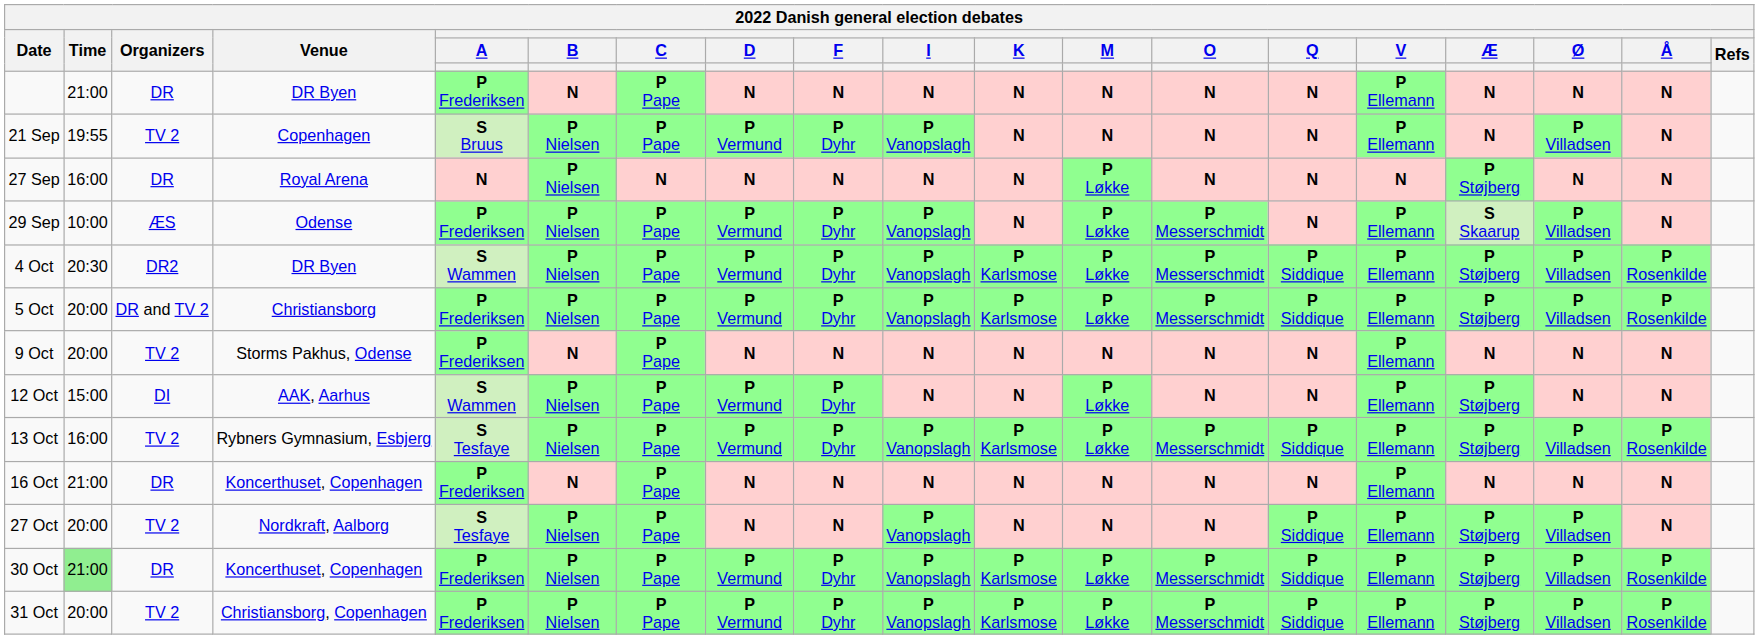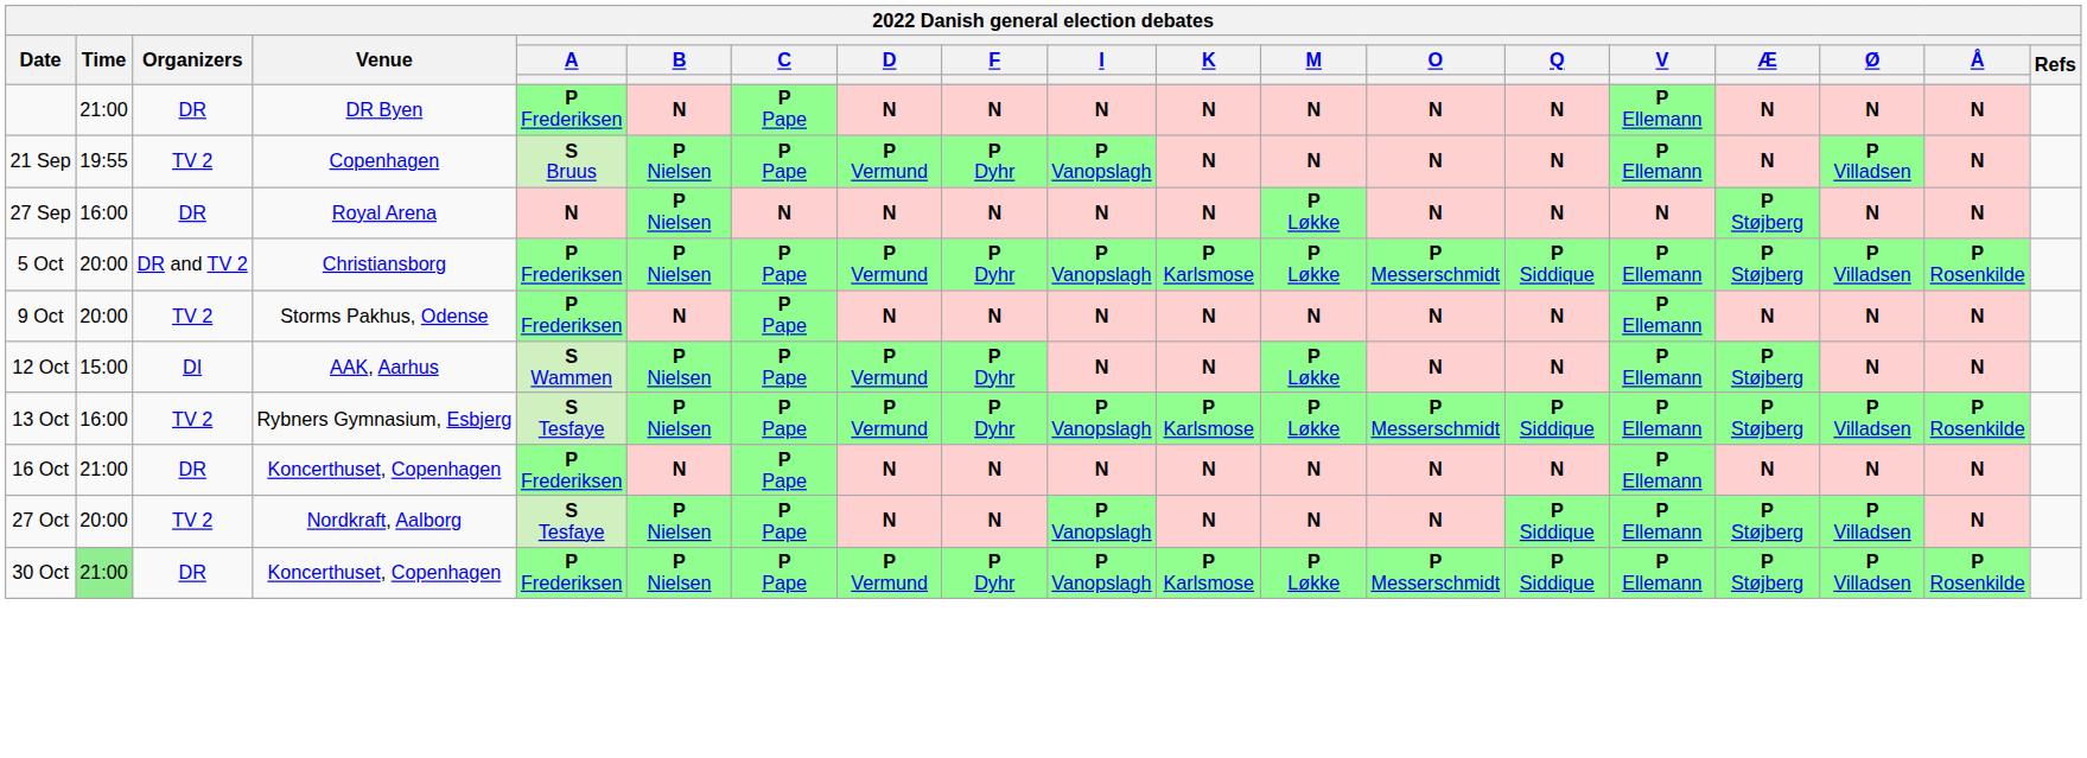 <table class="wikitable" style="font-size:85%; line-height:15px; text-align:center;">
 <tr>
 <th colspan="19">2022 Danish general election debates</th>
 </tr>
 <tr>
 <th rowspan="3">Date</th>
 <th rowspan="3">Time</th>
 <th rowspan="3">Organizers</th>
 <th rowspan="3">Venue</th>
 <th colspan="15">        </th>
 </tr>
 <tr>
 <th scope="col" style="width:5em;"><a href='#'>A</a></th>
 <th scope="col" style="width:5em;"><a href='#'>B</a></th>
 <th scope="col" style="width:5em;"><a href='#'>C</a></th>
 <th scope="col" style="width:5em;"><a href='#'>D</a></th>
 <th scope="col" style="width:5em;"><a href='#'>F</a></th>
 <th scope="col" style="width:5em;"><a href='#'>I</a></th>
 <th scope="col" style="width:5em;"><a href='#'>K</a></th>
 <th scope="col" style="width:5em;"><a href='#'>M</a></th>
 <th scope="col" style="width:5em;"><a href='#'>O</a></th>
 <th scope="col" style="width:5em;"><a href='#'>Q</a></th>
 <th scope="col" style="width:5em;"><a href='#'>V</a></th>
 <th scope="col" style="width:5em;"><a href='#'>Æ</a></th>
 <th scope="col" style="width:5em;"><a href='#'>Ø</a></th>
 <th scope="col" style="width:5em;"><a href='#'>Å</a></th>
 <th rowspan="2">Refs</th>
 </tr>
 <tr>
 <th style="background:"></th>
 <th style="background:"></th>
 <th style="background:"></th>
 <th style="background:"></th>
 <th style="background:"></th>
 <th style="background:"></th>
 <th style="background:"></th>
 <th style="background:"></th>
 <th style="background:"></th>
 <th style="background:"></th>
 <th style="background:"></th>
 <th style="background:"></th>
 <th style="background:"></th>
 <th style="background:"></th>
 </tr>
 <tr>
 <td></td>
 <td>21:00</td>
 <td><a href='#'>DR</a></td>
 <td><a href='#'>DR Byen</a></td>
 <td style="background:#90FF90"><strong>P</strong><br><a href='#'>Frederiksen</a></td>
 <td style="background:#FFD0D0"><strong>N</strong></td>
 <td style="background:#90FF90"><strong>P</strong><br><a href='#'>Pape</a></td>
 <td style="background:#FFD0D0"><strong>N</strong></td>
 <td style="background:#FFD0D0"><strong>N</strong></td>
 <td style="background:#FFD0D0"><strong>N</strong></td>
 <td style="background:#FFD0D0"><strong>N</strong></td>
 <td style="background:#FFD0D0"><strong>N</strong></td>
 <td style="background:#FFD0D0"><strong>N</strong></td>
 <td style="background:#FFD0D0"><strong>N</strong></td>
 <td style="background:#90FF90"><strong>P</strong><br><a href='#'>Ellemann</a></td>
 <td style="background:#FFD0D0"><strong>N</strong></td>
 <td style="background:#FFD0D0"><strong>N</strong></td>
 <td style="background:#FFD0D0"><strong>N</strong></td>
 <td></td>
 </tr>
 <tr>
 <td>21 Sep</td>
 <td>19:55</td>
 <td><a href='#'>TV 2</a></td>
 <td><a href='#'>Copenhagen</a></td>
 <td style="background:#D0F0C0"><strong>S</strong><br><a href='#'>Bruus</a></td>
 <td style="background:#90FF90"><strong>P</strong><br><a href='#'>Nielsen</a></td>
 <td style="background:#90FF90"><strong>P</strong><br><a href='#'>Pape</a></td>
 <td style="background:#90FF90"><strong>P</strong><br><a href='#'>Vermund</a></td>
 <td style="background:#90FF90"><strong>P</strong><br><a href='#'>Dyhr</a></td>
 <td style="background:#90FF90"><strong>P</strong><br><a href='#'>Vanopslagh</a></td>
 <td style="background:#FFD0D0"><strong>N</strong></td>
 <td style="background:#FFD0D0"><strong>N</strong></td>
 <td style="background:#FFD0D0"><strong>N</strong></td>
 <td style="background:#FFD0D0"><strong>N</strong></td>
 <td style="background:#90FF90"><strong>P</strong><br><a href='#'>Ellemann</a></td>
 <td style="background:#FFD0D0"><strong>N</strong></td>
 <td style="background:#90FF90"><strong>P</strong><br><a href='#'>Villadsen</a></td>
 <td style="background:#FFD0D0"><strong>N</strong></td>
 <td></td>
 </tr>
 <tr>
 <td>27 Sep</td>
 <td>16:00</td>
 <td><a href='#'>DR</a></td>
 <td><a href='#'>Royal Arena</a></td>
 <td style="background:#FFD0D0"><strong>N</strong></td>
 <td style="background:#90FF90"><strong>P</strong><br><a href='#'>Nielsen</a></td>
 <td style="background:#FFD0D0"><strong>N</strong></td>
 <td style="background:#FFD0D0"><strong>N</strong></td>
 <td style="background:#FFD0D0"><strong>N</strong></td>
 <td style="background:#FFD0D0"><strong>N</strong></td>
 <td style="background:#FFD0D0"><strong>N</strong></td>
 <td style="background:#90FF90"><strong>P</strong><br><a href='#'>Løkke</a></td>
 <td style="background:#FFD0D0"><strong>N</strong></td>
 <td style="background:#FFD0D0"><strong>N</strong></td>
 <td style="background:#FFD0D0"><strong>N</strong></td>
 <td style="background:#90FF90"><strong>P</strong><br><a href='#'>Støjberg</a></td>
 <td style="background:#FFD0D0"><strong>N</strong></td>
 <td style="background:#FFD0D0"><strong>N</strong></td>
-<td></td>
-</tr>
-<tr>
-<td>29 Sep</td>
-<td>10:00</td>
-<td><a href='#'>ÆS</a></td>
-<td><a href='#'>Odense</a></td>
-<td style="background:#90FF90"><strong>P</strong><br><a href='#'>Frederiksen</a></td>
-<td style="background:#90FF90"><strong>P</strong><br><a href='#'>Nielsen</a></td>
-<td style="background:#90FF90"><strong>P</strong><br><a href='#'>Pape</a></td>
-<td style="background:#90FF90"><strong>P</strong><br><a href='#'>Vermund</a></td>
-<td style="background:#90FF90"><strong>P</strong><br><a href='#'>Dyhr</a></td>
-<td style="background:#90FF90"><strong>P</strong><br><a href='#'>Vanopslagh</a></td>
-<td style="background:#FFD0D0"><strong>N</strong></td>
-<td style="background:#90FF90"><strong>P</strong><br><a href='#'>Løkke</a></td>
-<td style="background:#90FF90"><strong>P</strong><br><a href='#'>Messerschmidt</a></td>
-<td style="background:#FFD0D0"><strong>N</strong></td>
-<td style="background:#90FF90"><strong>P</strong><br><a href='#'>Ellemann</a></td>
-<td style="background:#D0F0C0"><strong>S</strong><br><a href='#'>Skaarup</a></td>
-<td style="background:#90FF90"><strong>P</strong><br><a href='#'>Villadsen</a></td>
-<td style="background:#FFD0D0"><strong>N</strong><br></td>
-<td></td>
-</tr>
-<tr>
-<td>4 Oct</td>
-<td>20:30</td>
-<td><a href='#'>DR2</a></td>
-<td><a href='#'>DR Byen</a></td>
-<td style="background:#D0F0C0"><strong>S</strong><br><a href='#'>Wammen</a></td>
-<td style="background:#90FF90"><strong>P</strong><br><a href='#'>Nielsen</a></td>
-<td style="background:#90FF90"><strong>P</strong><br><a href='#'>Pape</a></td>
-<td style="background:#90FF90"><strong>P</strong><br><a href='#'>Vermund</a></td>
-<td style="background:#90FF90"><strong>P</strong><br><a href='#'>Dyhr</a></td>
-<td style="background:#90FF90"><strong>P</strong><br><a href='#'>Vanopslagh</a></td>
-<td style="background:#90FF90"><strong>P</strong><br><a href='#'>Karlsmose</a></td>
-<td style="background:#90FF90"><strong>P</strong><br><a href='#'>Løkke</a></td>
-<td style="background:#90FF90"><strong>P</strong><br><a href='#'>Messerschmidt</a></td>
-<td style="background:#90FF90"><strong>P</strong><br><a href='#'>Siddique</a></td>
-<td style="background:#90FF90"><strong>P</strong><br><a href='#'>Ellemann</a></td>
-<td style="background:#90FF90"><strong>P</strong><br><a href='#'>Støjberg</a></td>
-<td style="background:#90FF90"><strong>P</strong><br><a href='#'>Villadsen</a></td>
-<td style="background:#90FF90"><strong>P</strong><br><a href='#'>Rosenkilde</a></td>
 <td></td>
 </tr>
 <tr>
 <td>5 Oct</td>
 <td>20:00</td>
 <td><a href='#'>DR</a> and <a href='#'>TV 2</a></td>
 <td><a href='#'>Christiansborg</a></td>
 <td style="background:#90FF90"><strong>P</strong><br><a href='#'>Frederiksen</a></td>
 <td style="background:#90FF90"><strong>P</strong><br><a href='#'>Nielsen</a></td>
 <td style="background:#90FF90"><strong>P</strong><br><a href='#'>Pape</a></td>
 <td style="background:#90FF90"><strong>P</strong><br><a href='#'>Vermund</a></td>
 <td style="background:#90FF90"><strong>P</strong><br><a href='#'>Dyhr</a></td>
 <td style="background:#90FF90"><strong>P</strong><br><a href='#'>Vanopslagh</a></td>
 <td style="background:#90FF90"><strong>P</strong><br><a href='#'>Karlsmose</a></td>
 <td style="background:#90FF90"><strong>P</strong><br><a href='#'>Løkke</a></td>
 <td style="background:#90FF90"><strong>P</strong><br><a href='#'>Messerschmidt</a></td>
 <td style="background:#90FF90"><strong>P</strong><br><a href='#'>Siddique</a></td>
 <td style="background:#90FF90"><strong>P</strong><br><a href='#'>Ellemann</a></td>
 <td style="background:#90FF90"><strong>P</strong><br><a href='#'>Støjberg</a></td>
 <td style="background:#90FF90"><strong>P</strong><br><a href='#'>Villadsen</a></td>
 <td style="background:#90FF90"><strong>P</strong><br><a href='#'>Rosenkilde</a></td>
 <td></td>
 </tr>
 <tr>
 <td>9 Oct</td>
 <td>20:00</td>
 <td><a href='#'>TV 2</a></td>
 <td>Storms Pakhus, <a href='#'>Odense</a></td>
 <td style="background:#90FF90"><strong>P</strong><br><a href='#'>Frederiksen</a></td>
 <td style="background:#FFD0D0"><strong>N</strong></td>
 <td style="background:#90FF90"><strong>P</strong><br><a href='#'>Pape</a></td>
 <td style="background:#FFD0D0"><strong>N</strong></td>
 <td style="background:#FFD0D0"><strong>N</strong></td>
 <td style="background:#FFD0D0"><strong>N</strong></td>
 <td style="background:#FFD0D0"><strong>N</strong></td>
 <td style="background:#FFD0D0"><strong>N</strong></td>
 <td style="background:#FFD0D0"><strong>N</strong></td>
 <td style="background:#FFD0D0"><strong>N</strong></td>
 <td style="background:#90FF90"><strong>P</strong><br><a href='#'>Ellemann</a></td>
 <td style="background:#FFD0D0"><strong>N</strong></td>
 <td style="background:#FFD0D0"><strong>N</strong></td>
 <td style="background:#FFD0D0"><strong>N</strong></td>
 <td></td>
 </tr>
 <tr>
 <td>12 Oct</td>
 <td>15:00</td>
 <td><a href='#'>DI</a></td>
 <td><a href='#'>AAK</a>, <a href='#'>Aarhus</a></td>
 <td style="background:#D0F0C0"><strong>S</strong><br><a href='#'>Wammen</a></td>
 <td style="background:#90FF90"><strong>P</strong><br><a href='#'>Nielsen</a></td>
 <td style="background:#90FF90"><strong>P</strong><br><a href='#'>Pape</a></td>
 <td style="background:#90FF90"><strong>P</strong><br><a href='#'>Vermund</a></td>
 <td style="background:#90FF90"><strong>P</strong><br><a href='#'>Dyhr</a></td>
 <td style="background:#FFD0D0"><strong>N</strong></td>
 <td style="background:#FFD0D0"><strong>N</strong></td>
 <td style="background:#90FF90"><strong>P</strong><br><a href='#'>Løkke</a></td>
 <td style="background:#FFD0D0"><strong>N</strong></td>
 <td style="background:#FFD0D0"><strong>N</strong></td>
 <td style="background:#90FF90"><strong>P</strong><br><a href='#'>Ellemann</a></td>
 <td style="background:#90FF90"><strong>P</strong><br><a href='#'>Støjberg</a></td>
 <td style="background:#FFD0D0"><strong>N</strong></td>
 <td style="background:#FFD0D0"><strong>N</strong></td>
 <td></td>
 </tr>
 <tr>
 <td>13 Oct</td>
 <td>16:00</td>
 <td><a href='#'>TV 2</a></td>
 <td>Rybners Gymnasium, <a href='#'>Esbjerg</a></td>
 <td style="background:#D0F0C0"><strong>S</strong><br><a href='#'>Tesfaye</a></td>
 <td style="background:#90FF90"><strong>P</strong><br><a href='#'>Nielsen</a></td>
 <td style="background:#90FF90"><strong>P</strong><br><a href='#'>Pape</a></td>
 <td style="background:#90FF90"><strong>P</strong><br><a href='#'>Vermund</a></td>
 <td style="background:#90FF90"><strong>P</strong><br><a href='#'>Dyhr</a></td>
 <td style="background:#90FF90"><strong>P</strong><br><a href='#'>Vanopslagh</a></td>
 <td style="background:#90FF90"><strong>P</strong><br><a href='#'>Karlsmose</a></td>
 <td style="background:#90FF90"><strong>P</strong><br><a href='#'>Løkke</a></td>
 <td style="background:#90FF90"><strong>P</strong><br><a href='#'>Messerschmidt</a></td>
 <td style="background:#90FF90"><strong>P</strong><br><a href='#'>Siddique</a></td>
 <td style="background:#90FF90"><strong>P</strong><br><a href='#'>Ellemann</a></td>
 <td style="background:#90FF90"><strong>P</strong><br><a href='#'>Støjberg</a></td>
 <td style="background:#90FF90"><strong>P</strong><br><a href='#'>Villadsen</a></td>
 <td style="background:#90FF90"><strong>P</strong><br><a href='#'>Rosenkilde</a></td>
 <td></td>
 </tr>
 <tr>
 <td>16 Oct</td>
 <td>21:00</td>
 <td><a href='#'>DR</a></td>
 <td><a href='#'>Koncerthuset</a>, <a href='#'>Copenhagen</a></td>
 <td style="background:#90FF90"><strong>P</strong><br><a href='#'>Frederiksen</a></td>
 <td style="background:#FFD0D0"><strong>N</strong></td>
 <td style="background:#90FF90"><strong>P</strong><br><a href='#'>Pape</a></td>
 <td style="background:#FFD0D0"><strong>N</strong></td>
 <td style="background:#FFD0D0"><strong>N</strong></td>
 <td style="background:#FFD0D0"><strong>N</strong></td>
 <td style="background:#FFD0D0"><strong>N</strong></td>
 <td style="background:#FFD0D0"><strong>N</strong></td>
 <td style="background:#FFD0D0"><strong>N</strong></td>
 <td style="background:#FFD0D0"><strong>N</strong></td>
 <td style="background:#90FF90"><strong>P</strong><br><a href='#'>Ellemann</a></td>
 <td style="background:#FFD0D0"><strong>N</strong></td>
 <td style="background:#FFD0D0"><strong>N</strong></td>
 <td style="background:#FFD0D0"><strong>N</strong></td>
 <td></td>
 </tr>
 <tr>
 <td>27 Oct</td>
 <td>20:00</td>
 <td><a href='#'>TV 2</a></td>
 <td><a href='#'>Nordkraft</a>, <a href='#'>Aalborg</a></td>
 <td style="background:#D0F0C0"><strong>S</strong><br><a href='#'>Tesfaye</a></td>
 <td style="background:#90FF90"><strong>P</strong><br><a href='#'>Nielsen</a></td>
 <td style="background:#90FF90"><strong>P</strong><br><a href='#'>Pape</a></td>
 <td style="background:#FFD0D0"><strong>N</strong></td>
 <td style="background:#FFD0D0"><strong>N</strong></td>
 <td style="background:#90FF90"><strong>P</strong><br><a href='#'>Vanopslagh</a></td>
 <td style="background:#FFD0D0"><strong>N</strong></td>
 <td style="background:#FFD0D0"><strong>N</strong></td>
 <td style="background:#FFD0D0"><strong>N</strong></td>
 <td style="background:#90FF90"><strong>P</strong><br><a href='#'>Siddique</a></td>
 <td style="background:#90FF90"><strong>P</strong><br><a href='#'>Ellemann</a></td>
 <td style="background:#90FF90"><strong>P</strong><br><a href='#'>Støjberg</a></td>
 <td style="background:#90FF90"><strong>P</strong><br><a href='#'>Villadsen</a></td>
 <td style="background:#FFD0D0"><strong>N</strong></td>
 <td></td>
 </tr>
 <tr>
 <td>30 Oct</td>
 <td style="background: lightgreen;">21:00</td>
 <td><a href='#'>DR</a></td>
 <td><a href='#'>Koncerthuset</a>, <a href='#'>Copenhagen</a></td>
 <td style="background:#90FF90"><strong>P</strong><br><a href='#'>Frederiksen</a></td>
 <td style="background:#90FF90"><strong>P</strong><br><a href='#'>Nielsen</a></td>
 <td style="background:#90FF90"><strong>P</strong><br><a href='#'>Pape</a></td>
 <td style="background:#90FF90"><strong>P</strong><br><a href='#'>Vermund</a></td>
 <td style="background:#90FF90"><strong>P</strong><br><a href='#'>Dyhr</a></td>
 <td style="background:#90FF90"><strong>P</strong><br><a href='#'>Vanopslagh</a></td>
 <td style="background:#90FF90"><strong>P</strong><br><a href='#'>Karlsmose</a></td>
 <td style="background:#90FF90"><strong>P</strong><br><a href='#'>Løkke</a></td>
 <td style="background:#90FF90"><strong>P</strong><br><a href='#'>Messerschmidt</a></td>
 <td style="background:#90FF90"><strong>P</strong><br><a href='#'>Siddique</a></td>
 <td style="background:#90FF90"><strong>P</strong><br><a href='#'>Ellemann</a></td>
 <td style="background:#90FF90"><strong>P</strong><br><a href='#'>Støjberg</a></td>
 <td style="background:#90FF90"><strong>P</strong><br><a href='#'>Villadsen</a></td>
 <td style="background:#90FF90"><strong>P</strong><br><a href='#'>Rosenkilde</a></td>
 <td></td>
 </tr>
-<tr>
-<td>31 Oct</td>
-<td>20:00</td>
-<td><a href='#'>TV 2</a></td>
-<td><a href='#'>Christiansborg</a>, <a href='#'>Copenhagen</a></td>
-<td style="background:#90FF90"><strong>P</strong><br><a href='#'>Frederiksen</a></td>
-<td style="background:#90FF90"><strong>P</strong><br><a href='#'>Nielsen</a></td>
-<td style="background:#90FF90"><strong>P</strong><br><a href='#'>Pape</a></td>
-<td style="background:#90FF90"><strong>P</strong><br><a href='#'>Vermund</a></td>
-<td style="background:#90FF90"><strong>P</strong><br><a href='#'>Dyhr</a></td>
-<td style="background:#90FF90"><strong>P</strong><br><a href='#'>Vanopslagh</a></td>
-<td style="background:#90FF90"><strong>P</strong><br><a href='#'>Karlsmose</a></td>
-<td style="background:#90FF90"><strong>P</strong><br><a href='#'>Løkke</a></td>
-<td style="background:#90FF90"><strong>P</strong><br><a href='#'>Messerschmidt</a></td>
-<td style="background:#90FF90"><strong>P</strong><br><a href='#'>Siddique</a></td>
-<td style="background:#90FF90"><strong>P</strong><br><a href='#'>Ellemann</a></td>
-<td style="background:#90FF90"><strong>P</strong><br><a href='#'>Støjberg</a></td>
-<td style="background:#90FF90"><strong>P</strong><br><a href='#'>Villadsen</a></td>
-<td style="background:#90FF90"><strong>P</strong><br><a href='#'>Rosenkilde</a></td>
-<td></td>
-</tr>
 </table>
